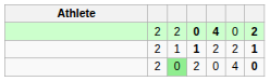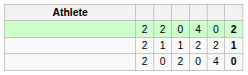 <table class=wikitable style="text-align:center">
 <tr>
 <th width=195>Athlete</th>
 <th width=20></th>
 <th width=20></th>
 <th width=20></th>
 <th width=20></th>
 <th width=20></th>
 <th width=20></th>
 </tr>
 <tr bgcolor=ccffcc>
 <td style="text-align:left"></td>
 <td>2</td>
 <td>2</td>
-<td><strong>0</strong></td>
-<td><strong>4</strong></td>
+<td>0</td>
+<td>4</td>
 <td>0</td>
 <td><strong>2</strong></td>
 </tr>
 <tr>
 <td style="text-align:left"></td>
 <td>2</td>
 <td>1</td>
-<td><strong>1</strong></td>
+<td>1</td>
 <td>2</td>
 <td>2</td>
 <td><strong>1</strong></td>
 </tr>
 <tr>
 <td style="text-align:left"></td>
 <td>2</td>
-<td style="background: lightgreen;">0</td>
+<td>0</td>
 <td>2</td>
 <td>0</td>
 <td>4</td>
 <td><strong>0</strong></td>
 </tr>
 </table>
